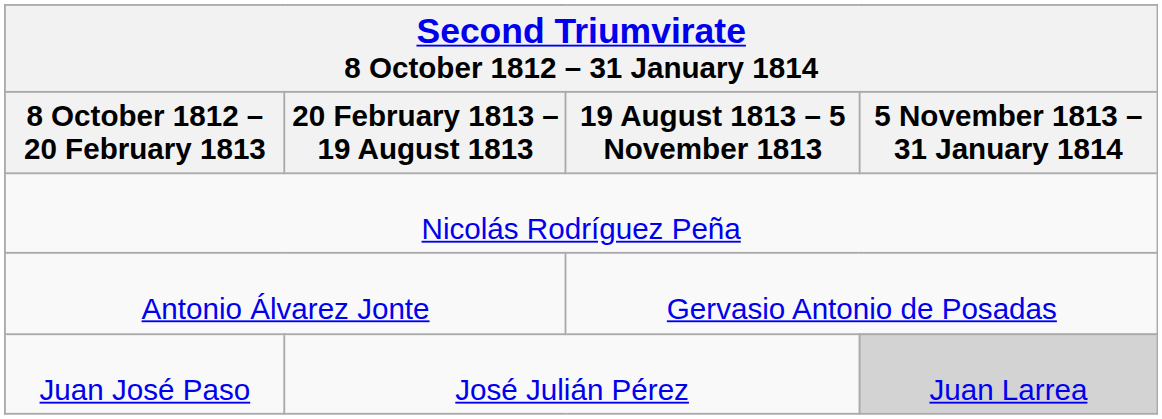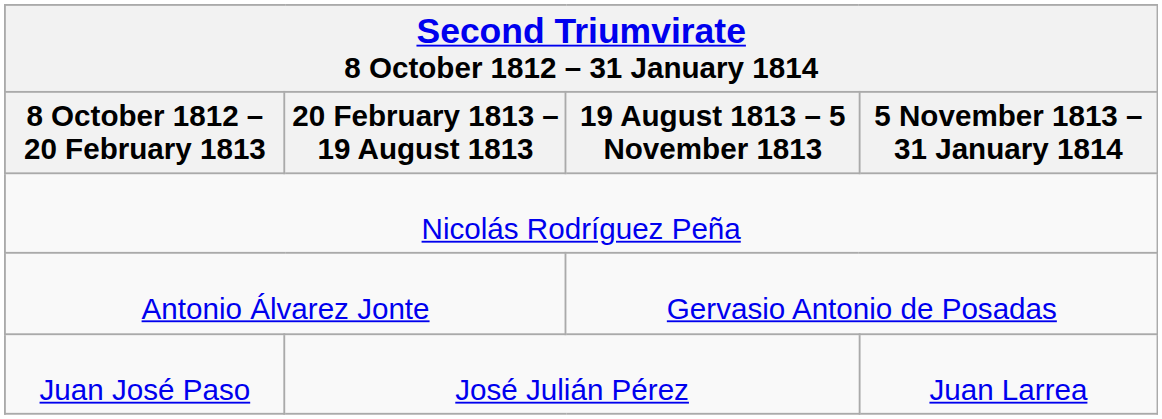 <table width=100% class="wikitable">
 <tr>
 <th colspan=4><big><a href='#'>Second Triumvirate</a></big><br>8 October 1812 – 31 January 1814</th>
 </tr>
 <tr>
 <th>8 October 1812 – 20 February 1813</th>
 <th>20 February 1813 – 19 August 1813</th>
 <th>19 August 1813 – 5 November 1813</th>
 <th>5 November 1813 – 31 January 1814</th>
 </tr>
 <tr>
 <td colspan="4" style="vertical-align: top;" align="center"><br><a href='#'>Nicolás Rodríguez Peña</a><br></td>
 </tr>
 <tr>
 <td colspan="2" style="vertical-align: top;" align="center"><br><a href='#'>Antonio Álvarez Jonte</a><br></td>
 <td colspan="2" style="vertical-align: top;" align="center"><br><a href='#'>Gervasio Antonio de Posadas</a><br></td>
 </tr>
 <tr>
 <td style="vertical-align: top;" align="center"><br><a href='#'>Juan José Paso</a><br></td>
 <td colspan="2" style="vertical-align: top;" align="center"><br><a href='#'>José Julián Pérez</a><br></td>
-<td style="background: lightgrey; vertical-align: top;" align="center"><br><a href='#'>Juan Larrea</a><br></td>
+<td style="vertical-align: top;" align="center"><br><a href='#'>Juan Larrea</a><br></td>
 </tr>
 </table>
